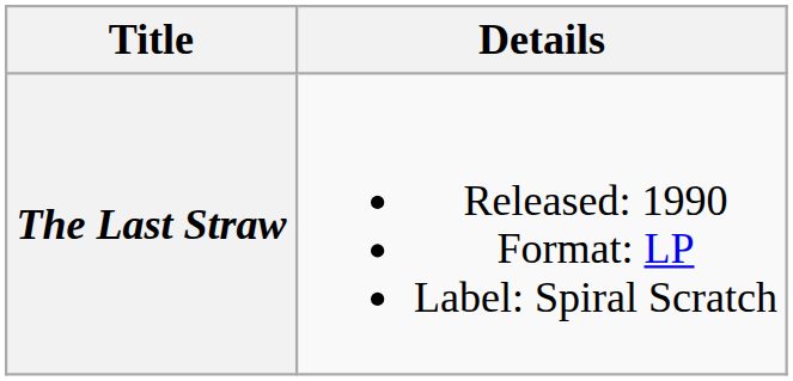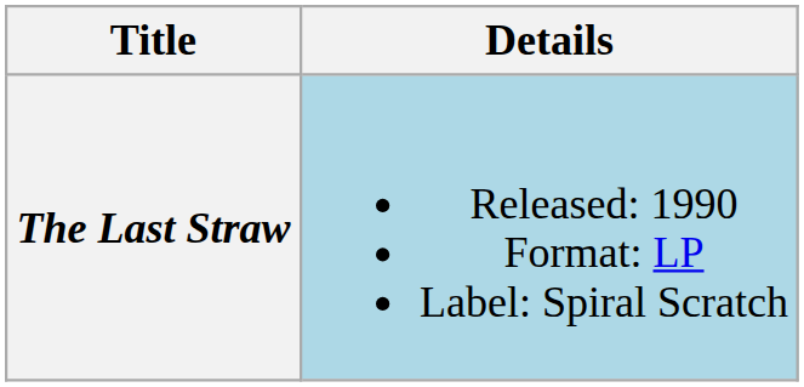 <table class="wikitable plainrowheaders" style="text-align:center;" border="1">
 <tr>
 <th>Title</th>
 <th>Details</th>
 </tr>
 <tr>
 <th scope="row"><em>The Last Straw</em></th>
-<td><br><ul><li>Released: 1990</li><li>Format: <a href='#'>LP</a></li><li>Label: Spiral Scratch</li></ul></td>
+<td style="background: lightblue;"><br><ul><li>Released: 1990</li><li>Format: <a href='#'>LP</a></li><li>Label: Spiral Scratch</li></ul></td>
 </tr>
 </table>
